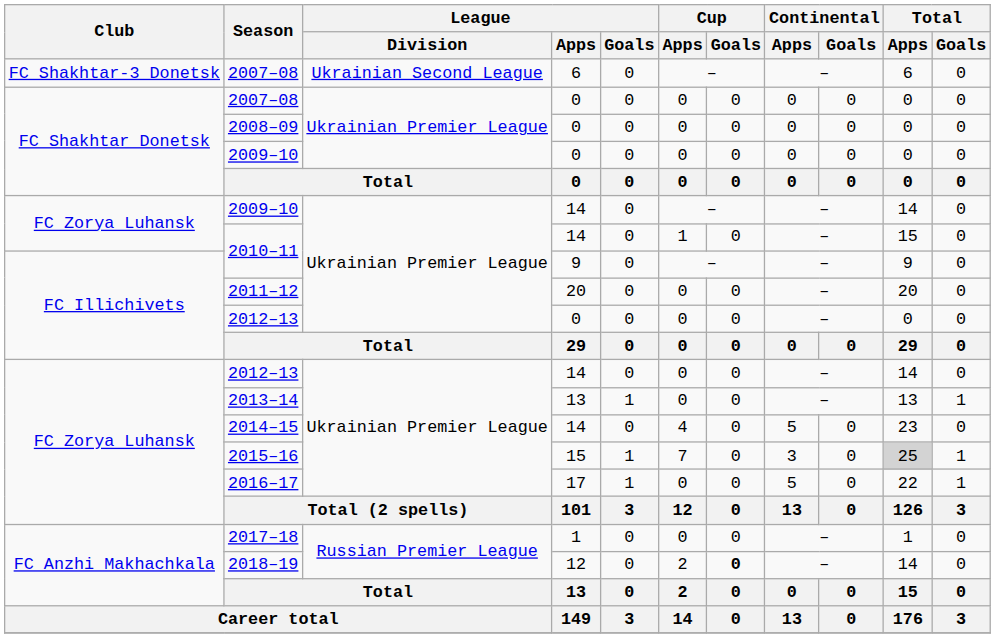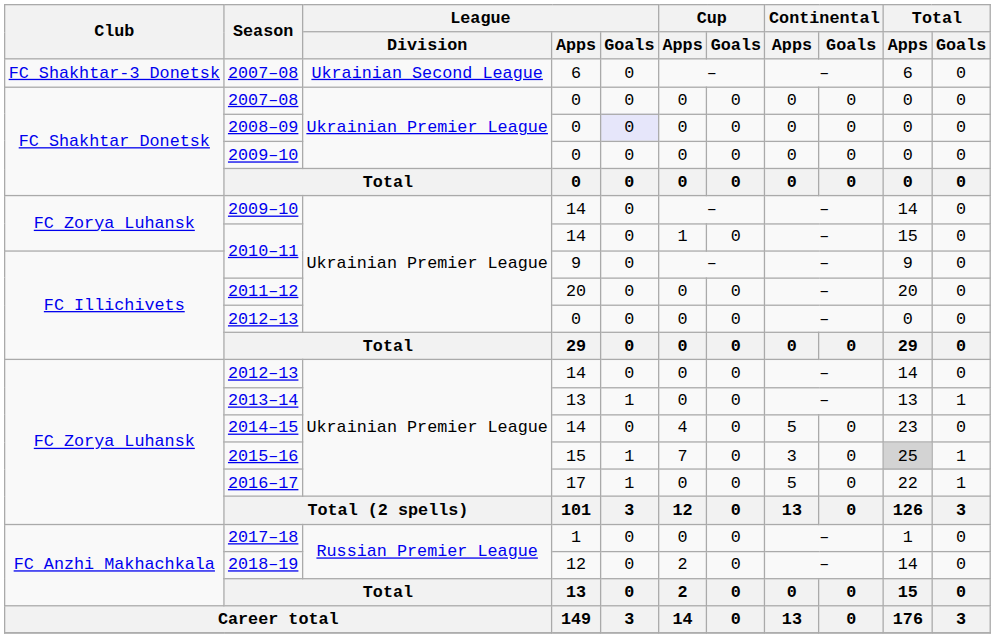 <table class="wikitable" style="text-align: center;">
 <tr>
 <th rowspan=2>Club</th>
 <th rowspan=2>Season</th>
 <th colspan=3>League</th>
 <th colspan=2>Cup</th>
 <th colspan=2>Continental</th>
 <th colspan=2>Total</th>
 </tr>
 <tr>
 <th>Division</th>
 <th>Apps</th>
 <th>Goals</th>
 <th>Apps</th>
 <th>Goals</th>
 <th>Apps</th>
 <th>Goals</th>
 <th>Apps</th>
 <th>Goals</th>
 </tr>
 <tr>
 <td><a href='#'>FC Shakhtar-3 Donetsk</a></td>
 <td><a href='#'>2007–08</a></td>
 <td><a href='#'>Ukrainian Second League</a></td>
 <td>6</td>
 <td>0</td>
 <td colspan=2>–</td>
 <td colspan=2>–</td>
 <td>6</td>
 <td>0</td>
 </tr>
 <tr>
 <td rowspan=4><a href='#'>FC Shakhtar Donetsk</a></td>
 <td><a href='#'>2007–08</a></td>
 <td rowspan=3><a href='#'>Ukrainian Premier League</a></td>
 <td>0</td>
 <td>0</td>
 <td>0</td>
 <td>0</td>
 <td>0</td>
 <td>0</td>
 <td>0</td>
 <td>0</td>
 </tr>
 <tr>
 <td><a href='#'>2008–09</a></td>
 <td>0</td>
-<td>0</td>
+<td style="background: lavender;">0</td>
 <td>0</td>
 <td>0</td>
 <td>0</td>
 <td>0</td>
 <td>0</td>
 <td>0</td>
 </tr>
 <tr>
 <td><a href='#'>2009–10</a></td>
 <td>0</td>
 <td>0</td>
 <td>0</td>
 <td>0</td>
 <td>0</td>
 <td>0</td>
 <td>0</td>
 <td>0</td>
 </tr>
 <tr>
 <th colspan=2>Total</th>
 <th>0</th>
 <th>0</th>
 <th>0</th>
 <th>0</th>
 <th>0</th>
 <th>0</th>
 <th>0</th>
 <th>0</th>
 </tr>
 <tr>
 <td rowspan=2><a href='#'>FC Zorya Luhansk</a></td>
 <td><a href='#'>2009–10</a></td>
 <td rowspan=5>Ukrainian Premier League</td>
 <td>14</td>
 <td>0</td>
 <td colspan=2>–</td>
 <td colspan=2>–</td>
 <td>14</td>
 <td>0</td>
 </tr>
 <tr>
 <td rowspan=2><a href='#'>2010–11</a></td>
 <td>14</td>
 <td>0</td>
 <td>1</td>
 <td>0</td>
 <td colspan=2>–</td>
 <td>15</td>
 <td>0</td>
 </tr>
 <tr>
 <td rowspan=4><a href='#'>FC Illichivets</a></td>
 <td>9</td>
 <td>0</td>
 <td colspan=2>–</td>
 <td colspan=2>–</td>
 <td>9</td>
 <td>0</td>
 </tr>
 <tr>
 <td><a href='#'>2011–12</a></td>
 <td>20</td>
 <td>0</td>
 <td>0</td>
 <td>0</td>
 <td colspan=2>–</td>
 <td>20</td>
 <td>0</td>
 </tr>
 <tr>
 <td><a href='#'>2012–13</a></td>
 <td>0</td>
 <td>0</td>
 <td>0</td>
 <td>0</td>
 <td colspan=2>–</td>
 <td>0</td>
 <td>0</td>
 </tr>
 <tr>
 <th colspan=2>Total</th>
 <th>29</th>
 <th>0</th>
 <th>0</th>
 <th>0</th>
 <th>0</th>
 <th>0</th>
 <th>29</th>
 <th>0</th>
 </tr>
 <tr>
 <td rowspan=6><a href='#'>FC Zorya Luhansk</a></td>
 <td><a href='#'>2012–13</a></td>
 <td rowspan=5>Ukrainian Premier League</td>
 <td>14</td>
 <td>0</td>
 <td>0</td>
 <td>0</td>
 <td colspan=2>–</td>
 <td>14</td>
 <td>0</td>
 </tr>
 <tr>
 <td><a href='#'>2013–14</a></td>
 <td>13</td>
 <td>1</td>
 <td>0</td>
 <td>0</td>
 <td colspan=2>–</td>
 <td>13</td>
 <td>1</td>
 </tr>
 <tr>
 <td><a href='#'>2014–15</a></td>
 <td>14</td>
 <td>0</td>
 <td>4</td>
 <td>0</td>
 <td>5</td>
 <td>0</td>
 <td>23</td>
 <td>0</td>
 </tr>
 <tr>
 <td><a href='#'>2015–16</a></td>
 <td>15</td>
 <td>1</td>
 <td>7</td>
 <td>0</td>
 <td>3</td>
 <td>0</td>
 <td style="background: lightgrey;">25</td>
 <td>1</td>
 </tr>
 <tr>
 <td><a href='#'>2016–17</a></td>
 <td>17</td>
 <td>1</td>
 <td>0</td>
 <td>0</td>
 <td>5</td>
 <td>0</td>
 <td>22</td>
 <td>1</td>
 </tr>
 <tr>
 <th colspan=2>Total (2 spells)</th>
 <th>101</th>
 <th>3</th>
 <th>12</th>
 <th>0</th>
 <th>13</th>
 <th>0</th>
 <th>126</th>
 <th>3</th>
 </tr>
 <tr>
 <td rowspan=3><a href='#'>FC Anzhi Makhachkala</a></td>
 <td><a href='#'>2017–18</a></td>
 <td rowspan=2><a href='#'>Russian Premier League</a></td>
 <td>1</td>
 <td>0</td>
 <td>0</td>
 <td>0</td>
 <td colspan=2>–</td>
 <td>1</td>
 <td>0</td>
 </tr>
 <tr>
 <td><a href='#'>2018–19</a></td>
 <td>12</td>
 <td>0</td>
 <td>2</td>
-<td><strong>0</strong></td>
+<td>0</td>
 <td colspan=2>–</td>
 <td>14</td>
 <td>0</td>
 </tr>
 <tr>
 <th colspan=2>Total</th>
 <th>13</th>
 <th>0</th>
 <th>2</th>
 <th>0</th>
 <th>0</th>
 <th>0</th>
 <th>15</th>
 <th>0</th>
 </tr>
 <tr>
 <th colspan=3>Career total</th>
 <th>149</th>
 <th>3</th>
 <th>14</th>
 <th>0</th>
 <th>13</th>
 <th>0</th>
 <th>176</th>
 <th>3</th>
 </tr>
 <tr>
 </tr>
 </table>
